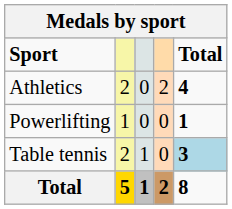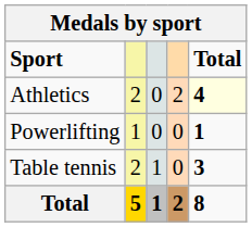 <table class=wikitable style="font-size:95%; ">
 <tr bgcolor=EFEFEF>
 <th colspan=7>Medals by sport</th>
 </tr>
 <tr>
 <td><strong>Sport</strong></td>
 <td bgcolor=F7F6A8></td>
 <td bgcolor=DCE5E5></td>
 <td bgcolor=FFDBA9></td>
 <td><strong>Total</strong></td>
 </tr>
 <tr>
 <td>Athletics</td>
 <td bgcolor=F7F6A8>2</td>
 <td bgcolor=DCE5E5>0</td>
 <td bgcolor=FFDAB9>2</td>
-<td><strong>4</strong></td>
+<td style="background: lightyellow;"><strong>4</strong></td>
 </tr>
 <tr>
 <td>Powerlifting</td>
 <td bgcolor=F7F6A8>1</td>
 <td bgcolor=DCE5E5>0</td>
 <td bgcolor=FFDAB9>0</td>
 <td><strong>1</strong></td>
 </tr>
 <tr>
 <td>Table tennis</td>
 <td bgcolor=F7F6A8>2</td>
 <td bgcolor=DCE5E5>1</td>
 <td bgcolor=FFDAB9>0</td>
-<td style="background: lightblue;"><strong>3</strong></td>
+<td><strong>3</strong></td>
 </tr>
 <tr>
 <th>Total</th>
 <td style="background:gold;"><strong>5</strong></td>
 <td style="background:silver;"><strong>1</strong></td>
 <td style="background:#c96;"><strong>2</strong></td>
 <td><strong>8</strong></td>
 </tr>
 </table>
